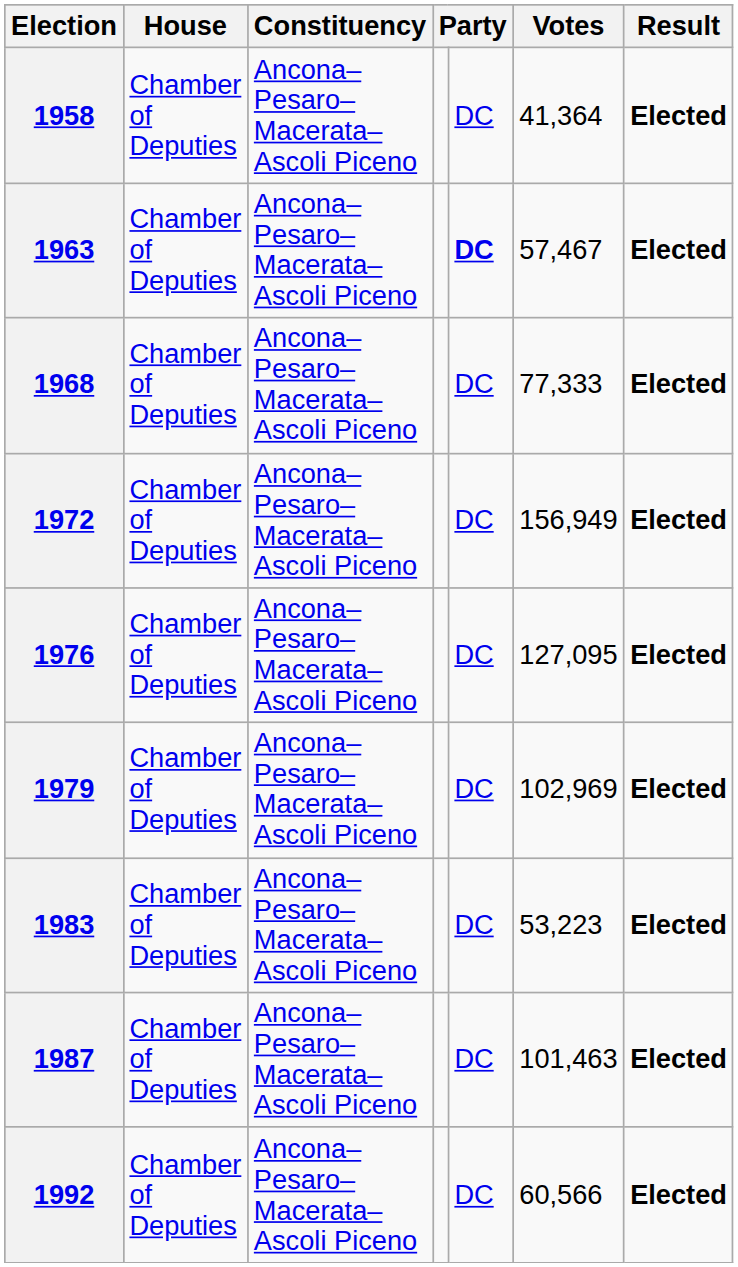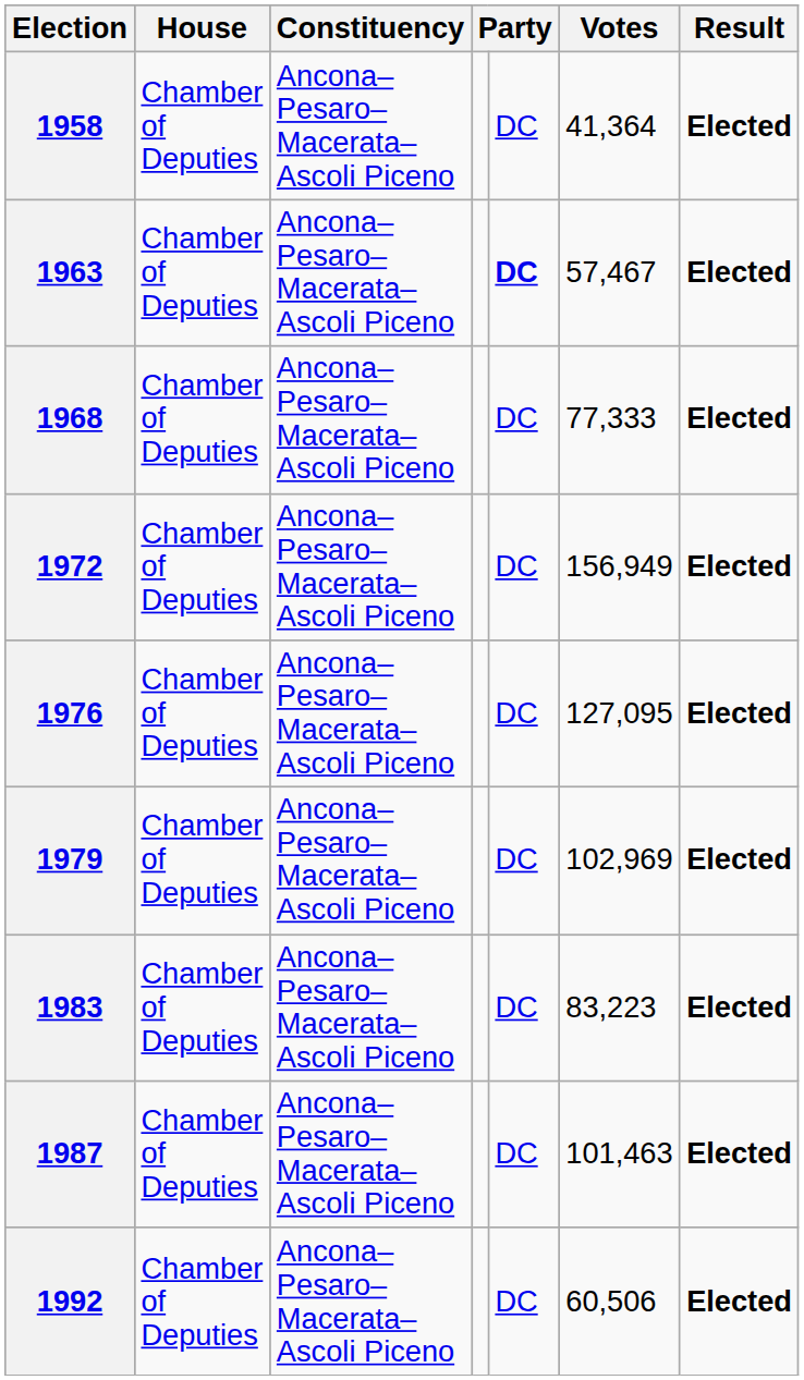 <table class=wikitable style="width:65%; border:1px #AAAAFF solid">
 <tr>
 <th width=12%>Election</th>
 <th width=20%>House</th>
 <th width=30%>Constituency</th>
 <th width=5% colspan="2">Party</th>
 <th width=12%>Votes</th>
 <th width=12%>Result</th>
 </tr>
 <tr>
 <th><a href='#'>1958</a></th>
 <td><a href='#'>Chamber of Deputies</a></td>
 <td><a href='#'>Ancona–Pesaro–Macerata–Ascoli Piceno</a></td>
 <td></td>
 <td><a href='#'>DC</a></td>
 <td>41,364</td>
 <td> <strong>Elected</strong></td>
 </tr>
 <tr>
 <th><a href='#'>1963</a></th>
 <td><a href='#'>Chamber of Deputies</a></td>
 <td><a href='#'>Ancona–Pesaro–Macerata–Ascoli Piceno</a></td>
 <td></td>
 <td><strong><a href='#'>DC</a></strong></td>
 <td>57,467</td>
 <td> <strong>Elected</strong></td>
 </tr>
 <tr>
 <th><a href='#'>1968</a></th>
 <td><a href='#'>Chamber of Deputies</a></td>
 <td><a href='#'>Ancona–Pesaro–Macerata–Ascoli Piceno</a></td>
 <td></td>
 <td><a href='#'>DC</a></td>
 <td>77,333</td>
 <td> <strong>Elected</strong></td>
 </tr>
 <tr>
 <th><a href='#'>1972</a></th>
 <td><a href='#'>Chamber of Deputies</a></td>
 <td><a href='#'>Ancona–Pesaro–Macerata–Ascoli Piceno</a></td>
 <td></td>
 <td><a href='#'>DC</a></td>
 <td>156,949</td>
 <td> <strong>Elected</strong></td>
 </tr>
 <tr>
 <th><a href='#'>1976</a></th>
 <td><a href='#'>Chamber of Deputies</a></td>
 <td><a href='#'>Ancona–Pesaro–Macerata–Ascoli Piceno</a></td>
 <td></td>
 <td><a href='#'>DC</a></td>
 <td>127,095</td>
 <td> <strong>Elected</strong></td>
 </tr>
 <tr>
 <th><a href='#'>1979</a></th>
 <td><a href='#'>Chamber of Deputies</a></td>
 <td><a href='#'>Ancona–Pesaro–Macerata–Ascoli Piceno</a></td>
 <td></td>
 <td><a href='#'>DC</a></td>
 <td>102,969</td>
 <td> <strong>Elected</strong></td>
 </tr>
 <tr>
 <th><a href='#'>1983</a></th>
 <td><a href='#'>Chamber of Deputies</a></td>
 <td><a href='#'>Ancona–Pesaro–Macerata–Ascoli Piceno</a></td>
 <td></td>
 <td><a href='#'>DC</a></td>
-<td>53,223</td>
+<td>83,223</td>
 <td> <strong>Elected</strong></td>
 </tr>
 <tr>
 <th><a href='#'>1987</a></th>
 <td><a href='#'>Chamber of Deputies</a></td>
 <td><a href='#'>Ancona–Pesaro–Macerata–Ascoli Piceno</a></td>
 <td></td>
 <td><a href='#'>DC</a></td>
 <td>101,463</td>
 <td> <strong>Elected</strong></td>
 </tr>
 <tr>
 <th><a href='#'>1992</a></th>
 <td><a href='#'>Chamber of Deputies</a></td>
 <td><a href='#'>Ancona–Pesaro–Macerata–Ascoli Piceno</a></td>
 <td></td>
 <td><a href='#'>DC</a></td>
-<td>60,566</td>
+<td>60,506</td>
 <td> <strong>Elected</strong></td>
 </tr>
 </table>
